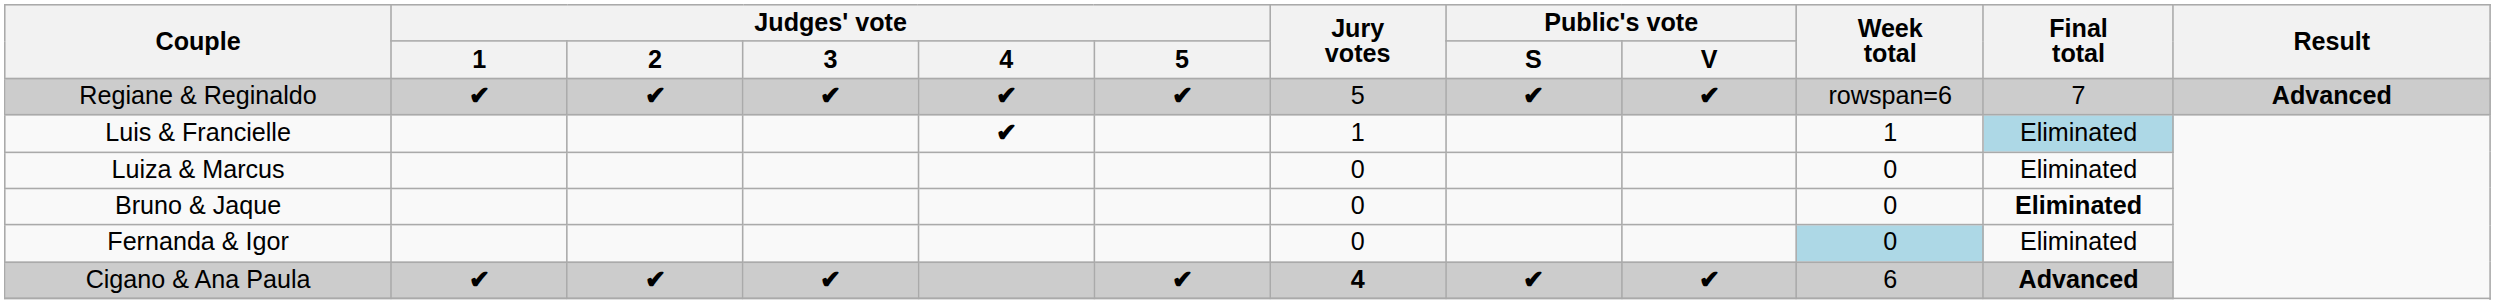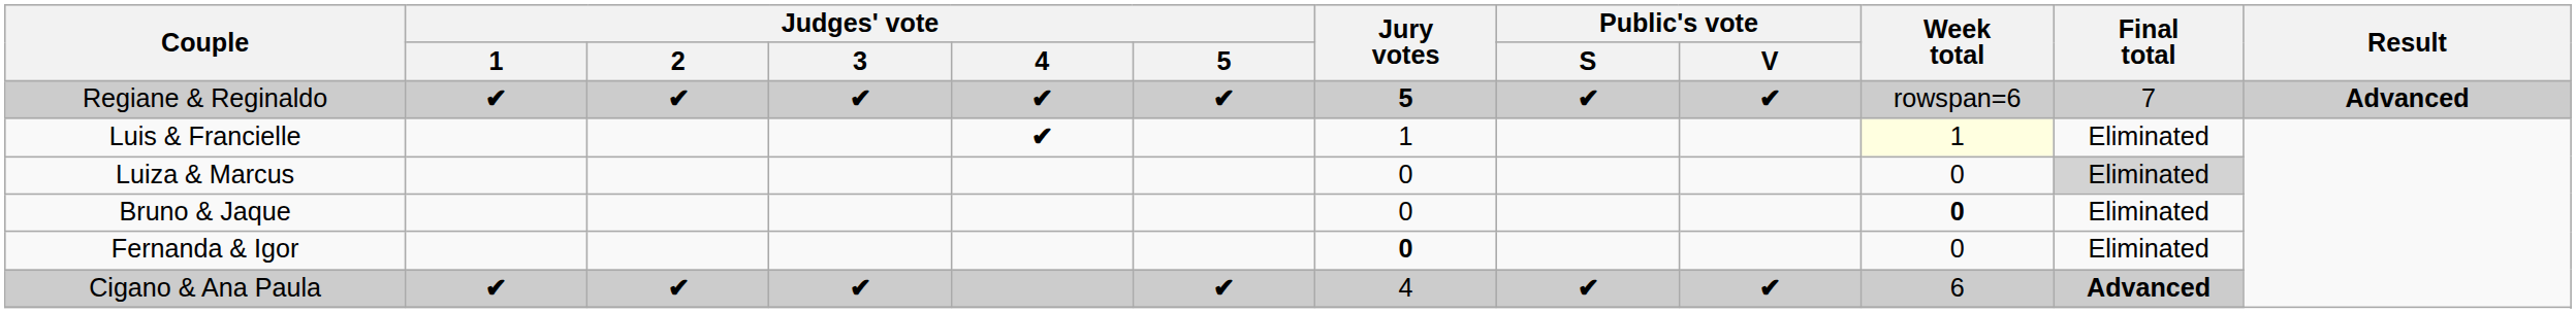 <table class="wikitable" style="font-size:100%; line-height:16px; text-align:center" width="100%">
 <tr>
 <th rowspan=2 width="11.0%">Couple</th>
 <th colspan=5 width="25.0%">Judges' vote</th>
 <th rowspan=2 width="05.0%">Jury<br>votes</th>
 <th colspan=2 width="10.0%">Public's vote</th>
 <th rowspan=2 width="05.0%">Week<br>total</th>
 <th rowspan=2 width="05.0%">Final<br>total</th>
 <th rowspan=2 width="09.0%">Result</th>
 </tr>
 <tr>
 <th width="05.0%">1</th>
 <th width="05.0%">2</th>
 <th width="05.0%">3</th>
 <th width="05.0%">4</th>
 <th width="05.0%">5</th>
 <th width="05.0%">S</th>
 <th width="05.0%">V</th>
 </tr>
 <tr bgcolor=CCCCCC>
 <td>Regiane & Reginaldo</td>
 <td><strong>✔</strong></td>
 <td><strong>✔</strong></td>
 <td><strong>✔</strong></td>
 <td><strong>✔</strong></td>
 <td><strong>✔</strong></td>
-<td>5</td>
+<td><strong>5</strong></td>
 <td><strong>✔</strong></td>
 <td><strong>✔</strong></td>
 <td>rowspan=6 </td>
 <td>7</td>
 <td><strong>Advanced</strong></td>
 </tr>
 <tr>
 <td>Luis & Francielle</td>
 <td></td>
 <td></td>
 <td></td>
 <td><strong>✔</strong></td>
 <td></td>
 <td>1</td>
 <td></td>
 <td></td>
-<td>1</td>
-<td style="background: lightblue;">Eliminated</td>
+<td style="background: lightyellow;">1</td>
+<td>Eliminated</td>
 </tr>
 <tr>
 <td>Luiza & Marcus</td>
 <td></td>
 <td></td>
 <td></td>
 <td></td>
 <td></td>
 <td>0</td>
 <td></td>
 <td></td>
 <td>0</td>
-<td>Eliminated</td>
+<td style="background: lightgrey;">Eliminated</td>
 </tr>
 <tr>
 <td>Bruno & Jaque</td>
 <td></td>
 <td></td>
 <td></td>
 <td></td>
 <td></td>
 <td>0</td>
 <td></td>
 <td></td>
-<td>0</td>
-<td><strong>Eliminated</strong></td>
+<td><strong>0</strong></td>
+<td>Eliminated</td>
 </tr>
 <tr>
 <td>Fernanda & Igor</td>
 <td></td>
 <td></td>
 <td></td>
 <td></td>
 <td></td>
-<td>0</td>
+<td><strong>0</strong></td>
 <td></td>
 <td></td>
-<td style="background: lightblue;">0</td>
+<td>0</td>
 <td>Eliminated</td>
 </tr>
 <tr bgcolor=CCCCCC>
 <td>Cigano & Ana Paula</td>
 <td><strong>✔</strong></td>
 <td><strong>✔</strong></td>
 <td><strong>✔</strong></td>
 <td></td>
 <td><strong>✔</strong></td>
-<td><strong>4</strong></td>
+<td>4</td>
 <td><strong>✔</strong></td>
 <td><strong>✔</strong></td>
 <td>6</td>
 <td><strong>Advanced</strong></td>
 </tr>
 <tr>
 </tr>
 </table>
